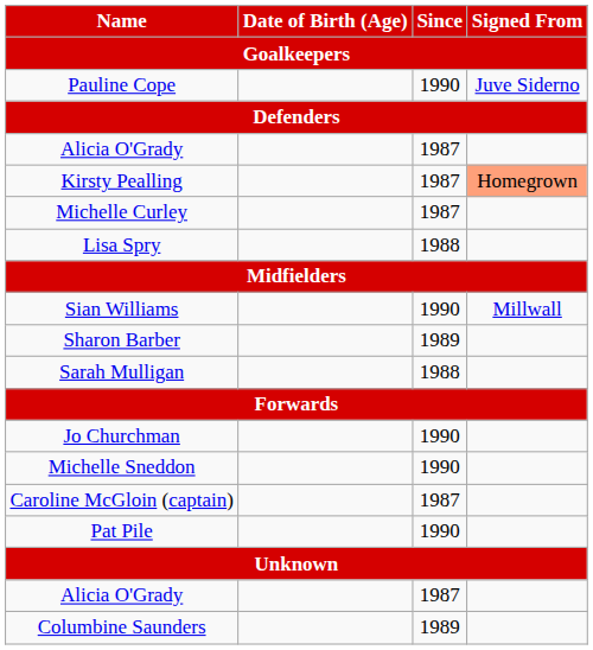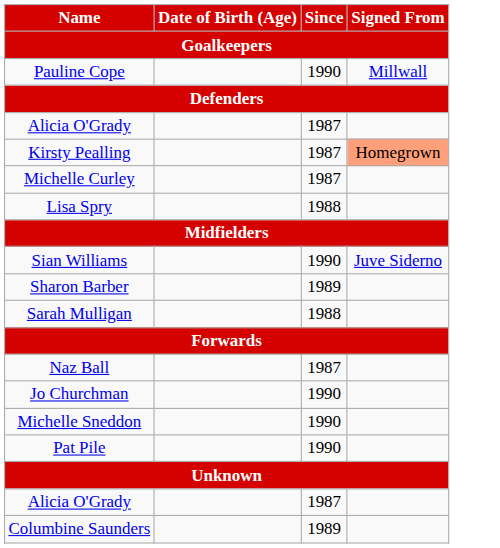 <table class="wikitable" style="text-align:center; font-size:100%; ">
 <tr>
 <th style="background:#d50000; color:white; text-align:center;">Name</th>
 <th style="background:#d50000; color:white; text-align:center;">Date of Birth (Age)</th>
 <th style="background:#d50000; color:white; text-align:center;">Since</th>
 <th style="background:#d50000; color:white; text-align:center;">Signed From</th>
 </tr>
 <tr>
 <th style="background:#d50000; color:white; text-align:center;" colspan="4">Goalkeepers</th>
 </tr>
 <tr>
 <td> <a href='#'>Pauline Cope</a></td>
 <td></td>
 <td>1990</td>
-<td> <a href='#'>Juve Siderno</a></td>
+<td> <a href='#'>Millwall</a></td>
 </tr>
 <tr>
 <th colspan="4" style="background:#d50000; color:white; text-align:center;">Defenders</th>
 </tr>
 <tr>
 <td><a href='#'>Alicia O'Grady</a></td>
 <td></td>
 <td>1987</td>
 <td></td>
 </tr>
 <tr>
 <td> <a href='#'>Kirsty Pealling</a></td>
 <td></td>
 <td>1987</td>
 <td style="background: lightsalmon;">Homegrown</td>
 </tr>
 <tr>
 <td> <a href='#'>Michelle Curley</a></td>
 <td></td>
 <td>1987</td>
 <td></td>
 </tr>
 <tr>
 <td> <a href='#'>Lisa Spry</a></td>
 <td></td>
 <td>1988</td>
 <td></td>
 </tr>
 <tr>
 <th style="background:#d50000; color:white; text-align:center;" colspan="4">Midfielders</th>
 </tr>
 <tr>
 <td> <a href='#'>Sian Williams</a></td>
 <td></td>
 <td>1990</td>
-<td> <a href='#'>Millwall</a></td>
+<td> <a href='#'>Juve Siderno</a></td>
 </tr>
 <tr>
 <td> <a href='#'>Sharon Barber</a></td>
 <td></td>
 <td>1989</td>
 <td></td>
 </tr>
 <tr>
 <td> <a href='#'>Sarah Mulligan</a></td>
 <td></td>
 <td>1988</td>
 <td></td>
 </tr>
 <tr>
 <th style="background:#d50000; color:white; text-align:center;" colspan="4">Forwards</th>
 </tr>
 <tr>
+<td> <a href='#'>Naz Ball</a></td>
+<td></td>
+<td>1987</td>
+<td></td>
+</tr>
+<tr>
 <td> <a href='#'>Jo Churchman</a></td>
 <td></td>
 <td>1990</td>
 <td></td>
 </tr>
 <tr>
 <td> <a href='#'>Michelle Sneddon</a></td>
 <td></td>
 <td>1990</td>
-<td></td>
-</tr>
-<tr>
-<td><a href='#'>Caroline McGloin</a> (<a href='#'>captain</a>)</td>
-<td></td>
-<td>1987</td>
 <td></td>
 </tr>
 <tr>
 <td><a href='#'>Pat Pile</a></td>
 <td></td>
 <td>1990</td>
 <td></td>
 </tr>
 <tr>
 <th style="background:#d50000; color:white; text-align:center;" colspan="4">Unknown</th>
 </tr>
 <tr>
 <td><a href='#'>Alicia O'Grady</a></td>
 <td></td>
 <td>1987</td>
 <td></td>
 </tr>
 <tr>
 <td><a href='#'>Columbine Saunders</a></td>
 <td></td>
 <td>1989</td>
 <td></td>
 </tr>
 </table>
